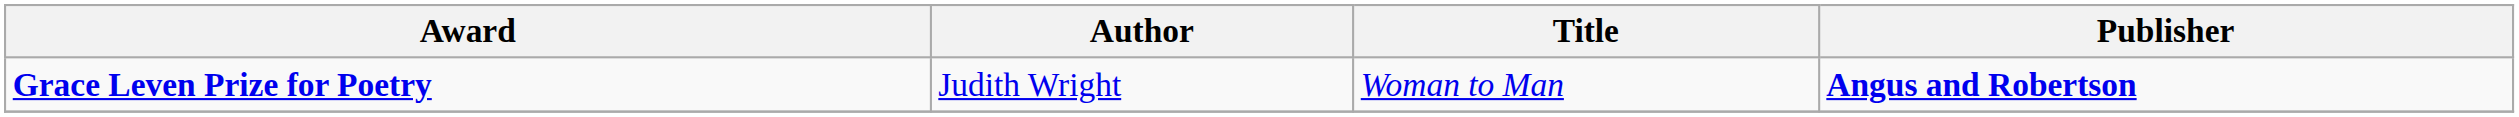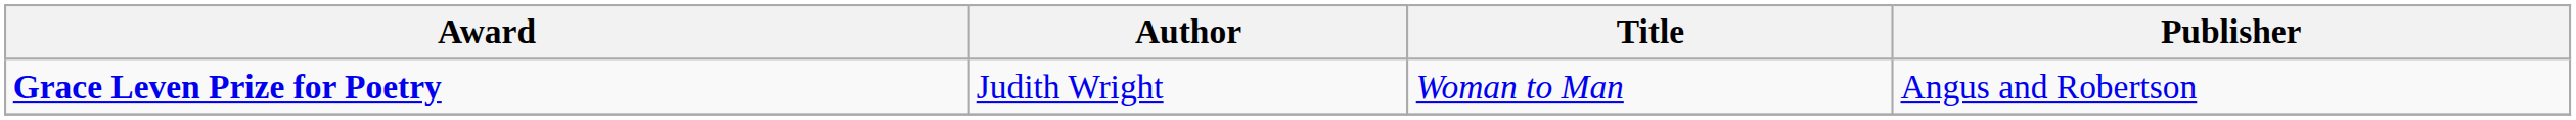 <table class="wikitable" width=95%>
 <tr>
 <th>Award</th>
 <th>Author</th>
 <th>Title</th>
 <th>Publisher</th>
 </tr>
 <tr>
 <td><strong><a href='#'>Grace Leven Prize for Poetry</a></strong></td>
 <td><a href='#'>Judith Wright</a></td>
 <td><em><a href='#'>Woman to Man</a></em></td>
-<td><strong><a href='#'>Angus and Robertson</a></strong></td>
+<td><a href='#'>Angus and Robertson</a></td>
 </tr>
 <tr>
 </tr>
 </table>
